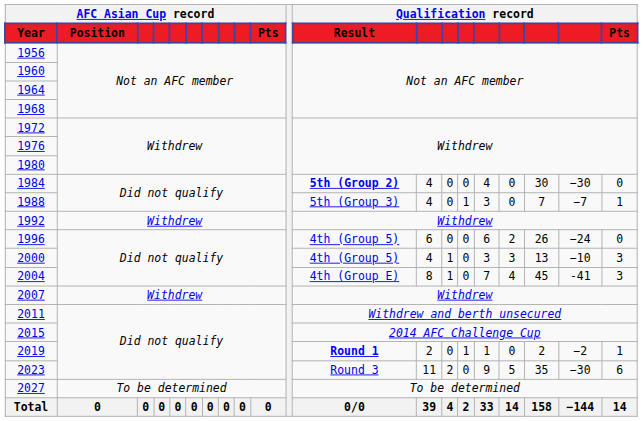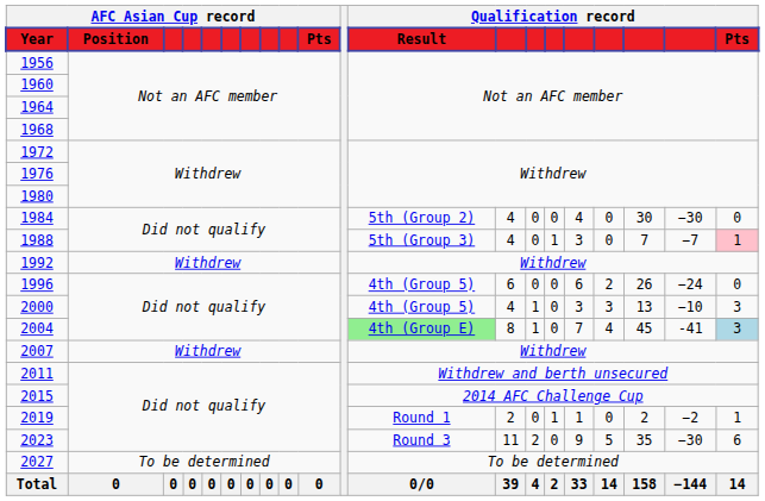 <table Class = "wikitable" style = "text-align: center;">
 <tr>
 <th colspan=10><a href='#'>AFC Asian Cup</a> record</th>
 <th rowspan="26" style="width:1%;"></th>
 <th colspan="9"><a href='#'>Qualification</a> record</th>
 </tr>
 <tr>
 <th style="background:#ED1C24;border: 2px solid #3F43A4;"><span>Year</span></th>
 <th style="background:#ED1C24;border: 2px solid #3F43A4;"><span>Position</span></th>
 <th style="background:#ED1C24;border: 2px solid #3F43A4;"><span></span></th>
 <th style="background:#ED1C24;border: 2px solid #3F43A4;"><span></span></th>
 <th style="background:#ED1C24;border: 2px solid #3F43A4;"><span></span></th>
 <th style="background:#ED1C24;border: 2px solid #3F43A4;"><span></span></th>
 <th style="background:#ED1C24;border: 2px solid #3F43A4;"><span></span></th>
 <th style="background:#ED1C24;border: 2px solid #3F43A4;"><span></span></th>
 <th style="background:#ED1C24;border: 2px solid #3F43A4;"><span></span></th>
 <th style="background:#ED1C24;border: 2px solid #3F43A4;"><span>Pts</span></th>
 <th style="background:#ED1C24;border: 2px solid #3F43A4;"><span>Result</span></th>
 <th style="background:#ED1C24;border: 2px solid #3F43A4;"><span></span></th>
 <th style="background:#ED1C24;border: 2px solid #3F43A4;"><span></span></th>
 <th style="background:#ED1C24;border: 2px solid #3F43A4;"><span></span></th>
 <th style="background:#ED1C24;border: 2px solid #3F43A4;"><span></span></th>
 <th style="background:#ED1C24;border: 2px solid #3F43A4;"><span></span></th>
 <th style="background:#ED1C24;border: 2px solid #3F43A4;"><span></span></th>
 <th style="background:#ED1C24;border: 2px solid #3F43A4;"><span></span></th>
 <th style="background:#ED1C24;border: 2px solid #3F43A4;"><span>Pts</span></th>
 </tr>
 <tr>
 <td> <a href='#'>1956</a></td>
 <td colspan=10 rowspan=4><em>Not an AFC member</em></td>
 <td colspan="9" rowspan="4"><em>Not an AFC member</em></td>
 </tr>
 <tr>
 <td> <a href='#'>1960</a></td>
 </tr>
 <tr>
 <td> <a href='#'>1964</a></td>
 </tr>
 <tr>
 <td> <a href='#'>1968</a></td>
 </tr>
 <tr>
 <td> <a href='#'>1972</a></td>
 <td colspan=10 rowspan=3><em>Withdrew</em></td>
 <td colspan="9" rowspan="3"><em>Withdrew</em></td>
 </tr>
 <tr>
 <td> <a href='#'>1976</a></td>
 </tr>
 <tr>
 <td> <a href='#'>1980</a></td>
 </tr>
 <tr>
 <td> <a href='#'>1984</a></td>
 <td colspan = 9 rowspan = 2><em>Did not qualify</em></td>
-<td><strong><a href='#'>5th (Group 2)</a></strong></td>
+<td><a href='#'>5th (Group 2)</a></td>
 <td>4</td>
 <td>0</td>
 <td>0</td>
 <td>4</td>
 <td>0</td>
 <td>30</td>
 <td>−30</td>
 <td>0</td>
 </tr>
 <tr>
 <td> <a href='#'>1988</a></td>
 <td><a href='#'>5th (Group 3)</a></td>
 <td>4</td>
 <td>0</td>
 <td>1</td>
 <td>3</td>
 <td>0</td>
 <td>7</td>
 <td>−7</td>
-<td>1</td>
+<td style="background: pink;">1</td>
 </tr>
 <tr>
 <td> <a href='#'>1992</a></td>
 <td colspan = 10><a href='#'><em>Withdrew</em></a></td>
 <td colspan="9"><a href='#'><em>Withdrew</em></a></td>
 </tr>
 <tr>
 <td> <a href='#'>1996</a></td>
 <td colspan = 9 rowspan = 3><em>Did not qualify</em></td>
 <td><a href='#'>4th (Group 5)</a></td>
 <td>6</td>
 <td>0</td>
 <td>0</td>
 <td>6</td>
 <td>2</td>
 <td>26</td>
 <td>−24</td>
 <td>0</td>
 </tr>
 <tr>
 <td> <a href='#'>2000</a></td>
 <td><a href='#'>4th (Group 5)</a></td>
 <td>4</td>
 <td>1</td>
 <td>0</td>
 <td>3</td>
 <td>3</td>
 <td>13</td>
 <td>−10</td>
 <td>3</td>
 </tr>
 <tr>
 <td> <a href='#'>2004</a></td>
-<td><a href='#'>4th (Group E)</a></td>
+<td style="background: lightgreen;"><a href='#'>4th (Group E)</a></td>
 <td>8</td>
 <td>1</td>
 <td>0</td>
 <td>7</td>
 <td>4</td>
 <td>45</td>
 <td>-41</td>
-<td>3</td>
+<td style="background: lightblue;">3</td>
 </tr>
 <tr>
 <td>    <a href='#'>2007</a></td>
 <td colspan = 10><a href='#'><em>Withdrew</em></a></td>
 <td colspan="9"><a href='#'><em>Withdrew</em></a></td>
 </tr>
 <tr>
 <td> <a href='#'>2011</a></td>
 <td colspan="9" rowspan="4"><em>Did not qualify</em></td>
 <td colspan="9"><em><a href='#'>Withdrew and berth unsecured</a></em></td>
 </tr>
 <tr>
 <td> <a href='#'>2015</a></td>
 <td colspan="9"><em><a href='#'>2014 AFC Challenge Cup</a></em></td>
 </tr>
 <tr>
 <td> <a href='#'>2019</a></td>
-<td><strong><a href='#'>Round 1</a></strong></td>
+<td><a href='#'>Round 1</a></td>
 <td>2</td>
 <td>0</td>
 <td>1</td>
 <td>1</td>
 <td>0</td>
 <td>2</td>
 <td>−2</td>
 <td>1</td>
 </tr>
 <tr>
 <td> <a href='#'>2023</a></td>
 <td><a href='#'>Round 3</a></td>
 <td>11</td>
 <td>2</td>
 <td>0</td>
 <td>9</td>
 <td>5</td>
 <td>35</td>
 <td>−30</td>
 <td>6</td>
 </tr>
 <tr>
 <td> <a href='#'>2027</a></td>
 <td colspan="9"><em>To be determined</em></td>
 <td colspan = 10><em>To be determined</em></td>
 </tr>
 <tr>
 <th>Total</th>
 <th>0</th>
 <th>0</th>
 <th>0</th>
 <th>0</th>
 <th>0</th>
 <th>0</th>
 <th>0</th>
 <th>0</th>
 <th>0</th>
 <th>0/0</th>
 <th>39</th>
 <th>4</th>
 <th>2</th>
 <th>33</th>
 <th>14</th>
 <th>158</th>
 <th>−144</th>
 <th>14</th>
 </tr>
 </table>
